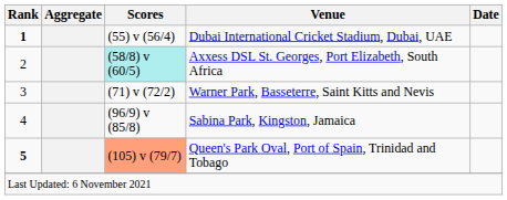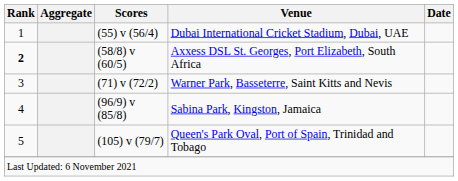 <table class="wikitable plainrowheaders sortable">
 <tr>
 <th scope=col>Rank</th>
 <th scope=col>Aggregate</th>
 <th scope=col>Scores</th>
 <th scope=col>Venue</th>
 <th scope=col>Date</th>
 </tr>
 <tr>
-<td align=center><strong>1</strong></td>
+<td align=center>1</td>
 <th scope=row style=text-align:center;></th>
 <td> (55) v  (56/4)</td>
 <td><a href='#'>Dubai International Cricket Stadium</a>, <a href='#'>Dubai</a>, UAE</td>
 <td> </td>
 </tr>
 <tr>
-<td align=center>2</td>
+<td align=center><strong>2</strong></td>
 <th scope=row style=text-align:center;></th>
-<td style="background: paleturquoise;"> (58/8) v  (60/5)</td>
+<td> (58/8) v  (60/5)</td>
 <td><a href='#'>Axxess DSL St. Georges</a>, <a href='#'>Port Elizabeth</a>, South Africa</td>
 <td></td>
 </tr>
 <tr>
 <td align=center>3</td>
 <th scope=row style=text-align:center;></th>
 <td> (71) v  (72/2)</td>
 <td><a href='#'>Warner Park</a>, <a href='#'>Basseterre</a>, Saint Kitts and Nevis</td>
 <td></td>
 </tr>
 <tr>
 <td align=center>4</td>
 <th scope=row style=text-align:center;></th>
 <td> (96/9) v  (85/8)</td>
 <td><a href='#'>Sabina Park</a>, <a href='#'>Kingston</a>, Jamaica</td>
 <td></td>
 </tr>
 <tr>
-<td align=center><strong>5</strong></td>
+<td align=center>5</td>
 <th scope=row style=text-align:center;></th>
-<td style="background: lightsalmon;"> (105) v  (79/7)</td>
+<td> (105) v  (79/7)</td>
 <td><a href='#'>Queen's Park Oval</a>, <a href='#'>Port of Spain</a>, Trinidad and Tobago</td>
 <td></td>
 </tr>
 <tr>
 </tr>
 <tr class=sortbottom>
 <td colspan=5><small>Last Updated: 6 November 2021</small></td>
 </tr>
 </table>
